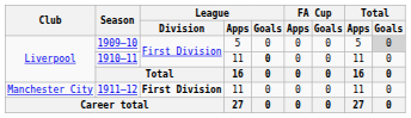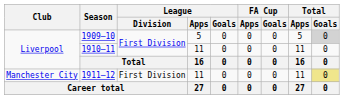 <table class="wikitable" style="text-align: center;">
 <tr>
 <th rowspan="2">Club</th>
 <th rowspan="2">Season</th>
 <th colspan="3">League</th>
 <th colspan="2">FA Cup</th>
 <th colspan="2">Total</th>
 </tr>
 <tr>
 <th>Division</th>
 <th>Apps</th>
 <th>Goals</th>
 <th>Apps</th>
 <th>Goals</th>
 <th>Apps</th>
 <th>Goals</th>
 </tr>
 <tr>
 <td rowspan="3"><a href='#'>Liverpool</a></td>
 <td><a href='#'>1909–10</a></td>
 <td rowspan="2"><a href='#'>First Division</a></td>
 <td>5</td>
 <td>0</td>
 <td>0</td>
 <td>0</td>
 <td>5</td>
 <td style="background: lightgrey;">0</td>
 </tr>
 <tr>
 <td><a href='#'>1910–11</a></td>
 <td>11</td>
-<td><strong>0</strong></td>
+<td>0</td>
 <td>0</td>
 <td>0</td>
 <td>11</td>
 <td>0</td>
 </tr>
 <tr>
 <th colspan="2">Total</th>
 <th>16</th>
 <th>0</th>
 <th>0</th>
 <th>0</th>
 <th>16</th>
 <th>0</th>
 </tr>
 <tr>
 <td><a href='#'>Manchester City</a></td>
 <td><a href='#'>1911–12</a></td>
-<td><strong>First Division</strong></td>
+<td>First Division</td>
 <td>11</td>
 <td>0</td>
 <td>0</td>
 <td>0</td>
 <td>11</td>
-<td>0</td>
+<td style="background: khaki;">0</td>
 </tr>
 <tr>
 <th colspan="3">Career total</th>
 <th>27</th>
 <th>0</th>
 <th>0</th>
 <th>0</th>
 <th>27</th>
 <th>0</th>
 </tr>
 </table>
